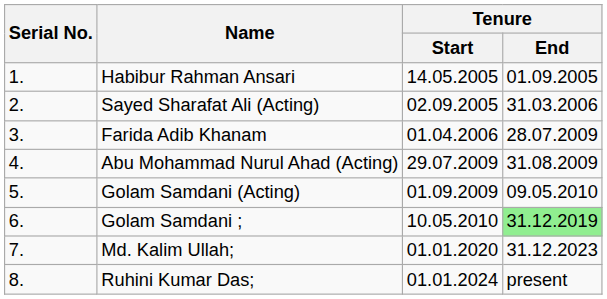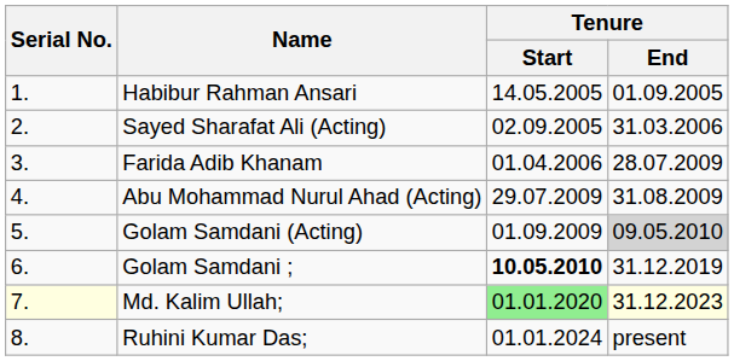 <table class="wikitable sortable" style="width:auto">
 <tr>
 <th rowspan="2">Serial No.</th>
 <th rowspan="2">Name</th>
 <th colspan="2">Tenure</th>
 </tr>
 <tr>
 <th>Start</th>
 <th>End</th>
 </tr>
 <tr>
 <td>1.</td>
 <td align="left">Habibur Rahman Ansari</td>
 <td align="left">14.05.2005</td>
 <td>01.09.2005</td>
 </tr>
 <tr>
 <td>2.</td>
 <td align="left">Sayed Sharafat Ali (Acting)</td>
 <td align="left">02.09.2005</td>
 <td>31.03.2006</td>
 </tr>
 <tr>
 <td>3.</td>
 <td align="left">Farida Adib Khanam</td>
 <td align="left">01.04.2006</td>
 <td>28.07.2009</td>
 </tr>
 <tr>
 <td>4.</td>
 <td align="left">Abu Mohammad Nurul Ahad (Acting)</td>
 <td align="left">29.07.2009</td>
 <td>31.08.2009</td>
 </tr>
 <tr>
 <td>5.</td>
 <td align="left">Golam Samdani (Acting)</td>
 <td align="left">01.09.2009</td>
-<td>09.05.2010</td>
+<td style="background: lightgrey;">09.05.2010</td>
 </tr>
 <tr>
 <td>6.</td>
 <td align="left">Golam Samdani ;</td>
-<td align="left">10.05.2010</td>
-<td style="background: lightgreen;">31.12.2019</td>
+<td align="left"><strong>10.05.2010</strong></td>
+<td>31.12.2019</td>
 </tr>
 <tr>
-<td>7.</td>
+<td style="background: lightyellow;">7.</td>
 <td align="left">Md. Kalim Ullah;</td>
-<td align="left">01.01.2020</td>
-<td>31.12.2023</td>
+<td align="left" style="background: lightgreen;">01.01.2020</td>
+<td style="background: lightyellow;">31.12.2023</td>
 </tr>
 <tr>
 <td>8.</td>
 <td>Ruhini Kumar Das;</td>
 <td>01.01.2024</td>
 <td>present</td>
 </tr>
 </table>
